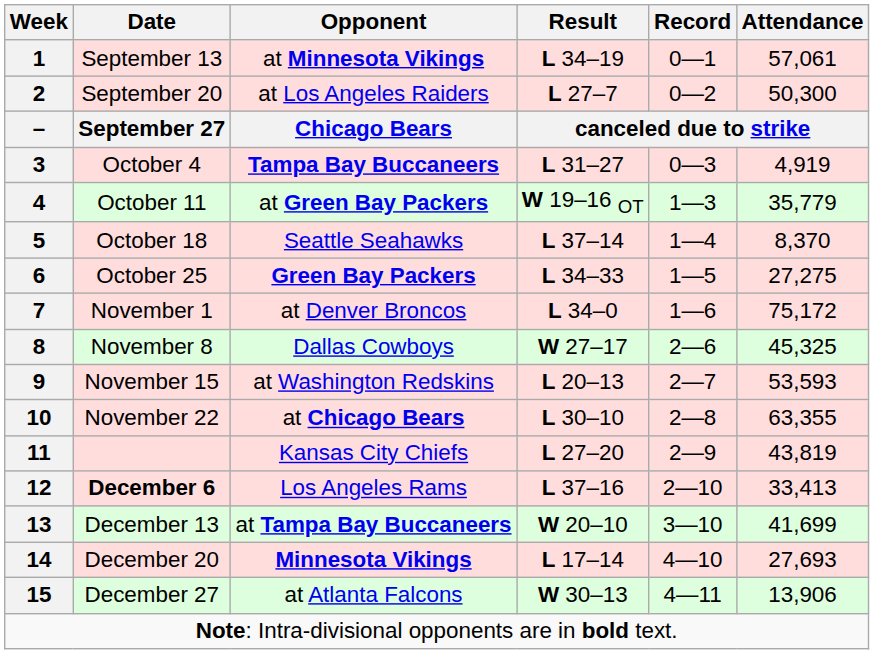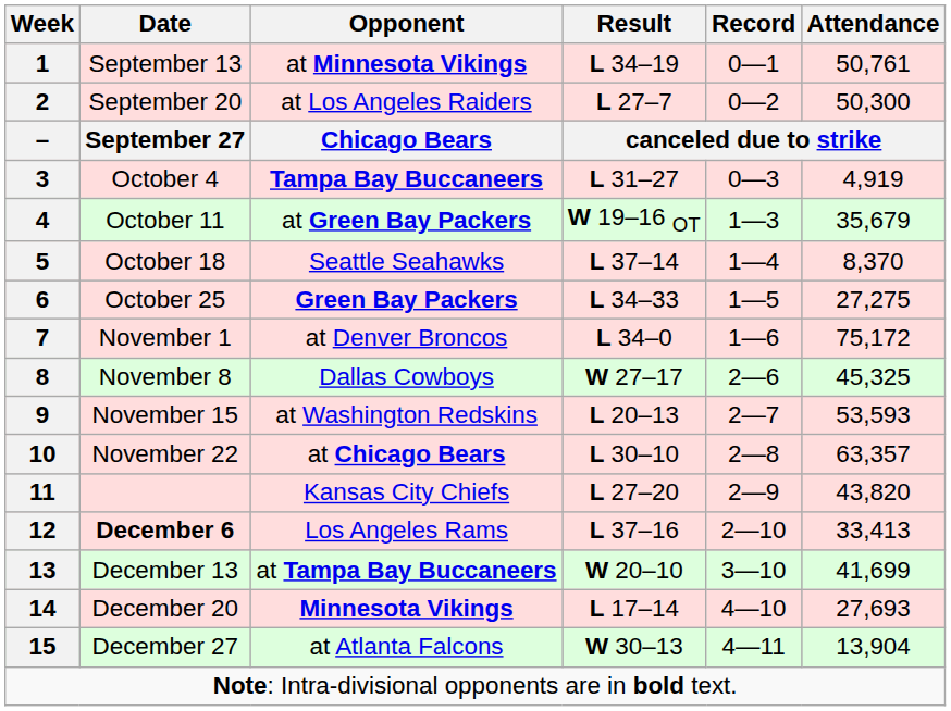 <table class="wikitable"  style="text-align: center;">
 <tr>
 <th>Week</th>
 <th>Date</th>
 <th>Opponent</th>
 <th>Result</th>
 <th>Record</th>
 <th>Attendance</th>
 </tr>
 <tr style="background: #ffdddd;">
 <th>1</th>
 <td>September 13</td>
 <td>at <strong><a href='#'>Minnesota Vikings</a></strong></td>
 <td><strong>L</strong> 34–19</td>
 <td>0—1</td>
-<td>57,061</td>
+<td>50,761</td>
 </tr>
 <tr style="background: #ffdddd;">
 <th>2</th>
 <td>September 20</td>
 <td>at <a href='#'>Los Angeles Raiders</a></td>
 <td><strong>L</strong> 27–7</td>
 <td>0—2</td>
 <td>50,300</td>
 </tr>
 <tr style="background:">
 <th>–</th>
 <th>September 27</th>
 <th><strong><a href='#'>Chicago Bears</a></strong></th>
 <th colspan="3">canceled due to <a href='#'>strike</a></th>
 </tr>
 <tr style="background: #ffdddd;">
 <th>3</th>
 <td>October 4</td>
 <td><strong><a href='#'>Tampa Bay Buccaneers</a></strong></td>
 <td><strong>L</strong> 31–27</td>
 <td>0—3</td>
 <td>4,919</td>
 </tr>
 <tr style="background: #ddffdd;">
 <th>4</th>
 <td>October 11</td>
 <td>at <strong><a href='#'>Green Bay Packers</a></strong></td>
 <td><strong>W</strong> 19–16 <sub>OT</sub></td>
 <td>1—3</td>
-<td>35,779</td>
+<td>35,679</td>
 </tr>
 <tr style="background: #ffdddd;">
 <th>5</th>
 <td>October 18</td>
 <td><a href='#'>Seattle Seahawks</a></td>
 <td><strong>L</strong> 37–14</td>
 <td>1—4</td>
 <td>8,370</td>
 </tr>
 <tr style="background: #ffdddd;">
 <th>6</th>
 <td>October 25</td>
 <td><strong><a href='#'>Green Bay Packers</a></strong></td>
 <td><strong>L</strong> 34–33</td>
 <td>1—5</td>
 <td>27,275</td>
 </tr>
 <tr style="background: #ffdddd;">
 <th>7</th>
 <td>November 1</td>
 <td>at <a href='#'>Denver Broncos</a></td>
 <td><strong>L</strong> 34–0</td>
 <td>1—6</td>
 <td>75,172</td>
 </tr>
 <tr style="background: #ddffdd;">
 <th>8</th>
 <td>November 8</td>
 <td><a href='#'>Dallas Cowboys</a></td>
 <td><strong>W</strong> 27–17</td>
 <td>2—6</td>
 <td>45,325</td>
 </tr>
 <tr style="background: #ffdddd;">
 <th>9</th>
 <td>November 15</td>
 <td>at <a href='#'>Washington Redskins</a></td>
 <td><strong>L</strong> 20–13</td>
 <td>2—7</td>
 <td>53,593</td>
 </tr>
 <tr style="background: #ffdddd;">
 <th>10</th>
 <td>November 22</td>
 <td>at <strong><a href='#'>Chicago Bears</a></strong></td>
 <td><strong>L</strong> 30–10</td>
 <td>2—8</td>
-<td>63,355</td>
+<td>63,357</td>
 </tr>
 <tr style="background: #ffdddd;">
 <th>11</th>
 <td></td>
 <td><a href='#'>Kansas City Chiefs</a></td>
 <td><strong>L</strong> 27–20</td>
 <td>2—9</td>
-<td>43,819</td>
+<td>43,820</td>
 </tr>
 <tr style="background: #ffdddd;">
 <th>12</th>
 <td><strong>December 6</strong></td>
 <td><a href='#'>Los Angeles Rams</a></td>
 <td><strong>L</strong> 37–16</td>
 <td>2—10</td>
 <td>33,413</td>
 </tr>
 <tr style="background: #ddffdd;">
 <th>13</th>
 <td>December 13</td>
 <td>at <strong><a href='#'>Tampa Bay Buccaneers</a></strong></td>
 <td><strong>W</strong> 20–10</td>
 <td>3—10</td>
 <td>41,699</td>
 </tr>
 <tr style="background: #ffdddd;">
 <th>14</th>
 <td>December 20</td>
 <td><strong><a href='#'>Minnesota Vikings</a></strong></td>
 <td><strong>L</strong> 17–14</td>
 <td>4—10</td>
 <td>27,693</td>
 </tr>
 <tr style="background: #ddffdd;">
 <th>15</th>
 <td>December 27</td>
 <td>at <a href='#'>Atlanta Falcons</a></td>
 <td><strong>W</strong> 30–13</td>
 <td>4—11</td>
-<td>13,906</td>
+<td>13,904</td>
 </tr>
 <tr>
 <td colspan="6"><strong>Note</strong>: Intra-divisional opponents are in <strong>bold</strong> text.</td>
 </tr>
 </table>
